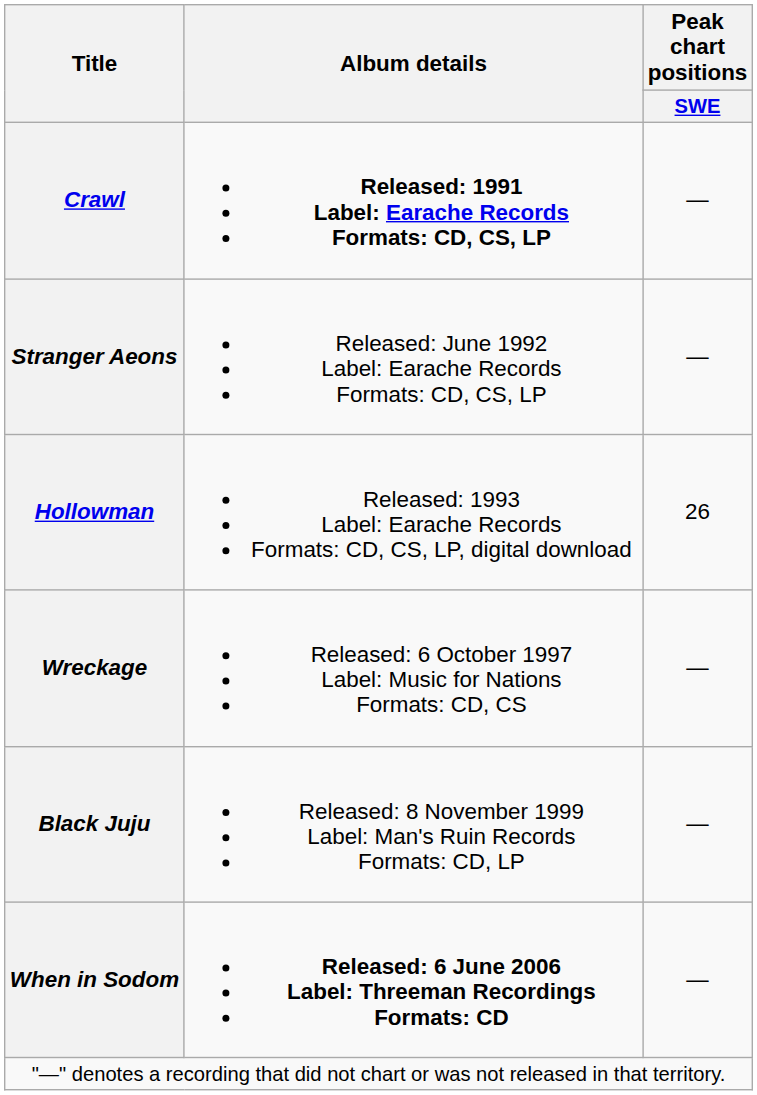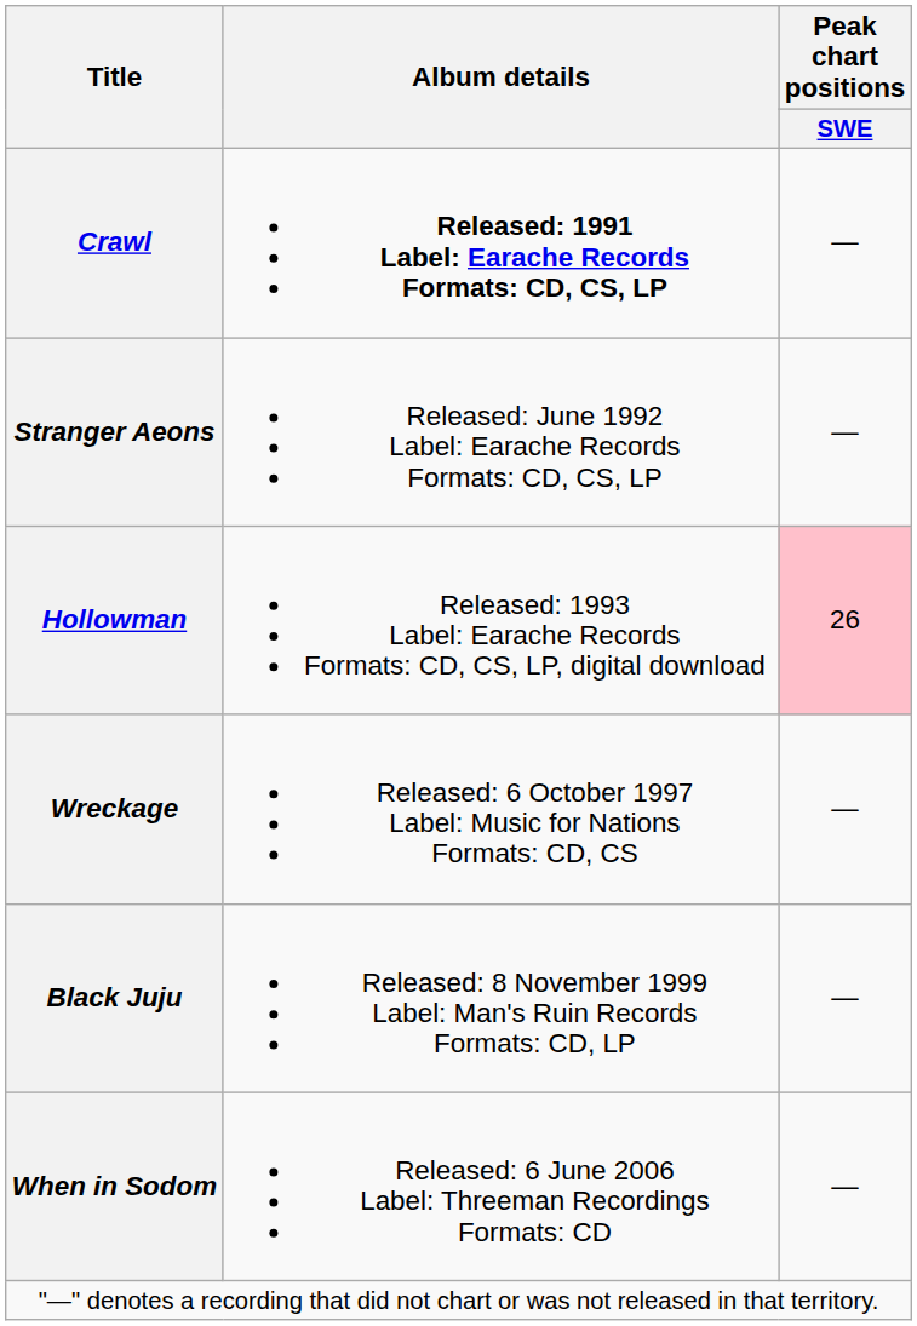 <table class="wikitable plainrowheaders" style="text-align:center;">
 <tr>
 <th scope="col" rowspan="2">Title</th>
 <th scope="col" rowspan="2" style="width:20em;">Album details</th>
 <th scope="col" colspan="1">Peak chart positions</th>
 </tr>
 <tr>
 <th scope="col" style="width:3em;font-size:90%;"><a href='#'>SWE</a><br></th>
 </tr>
 <tr>
 <th scope="row"><em><a href='#'>Crawl</a></em></th>
 <td><strong><br><ul><li>Released: 1991</li><li>Label: <a href='#'>Earache Records</a></li><li>Formats: CD, CS, LP</li></ul></strong></td>
 <td>—</td>
 </tr>
 <tr>
 <th scope="row"><em>Stranger Aeons</em></th>
 <td><br><ul><li>Released: June 1992</li><li>Label: Earache Records</li><li>Formats: CD, CS, LP</li></ul></td>
 <td>—</td>
 </tr>
 <tr>
 <th scope="row"><em><a href='#'>Hollowman</a></em></th>
 <td><br><ul><li>Released: 1993</li><li>Label: Earache Records</li><li>Formats: CD, CS, LP, digital download</li></ul></td>
-<td>26</td>
+<td style="background: pink;">26</td>
 </tr>
 <tr>
 <th scope="row"><em>Wreckage</em></th>
 <td><br><ul><li>Released: 6 October 1997</li><li>Label: Music for Nations</li><li>Formats: CD, CS</li></ul></td>
 <td>—</td>
 </tr>
 <tr>
 <th scope="row"><em>Black Juju</em></th>
 <td><br><ul><li>Released: 8 November 1999</li><li>Label: Man's Ruin Records</li><li>Formats: CD, LP</li></ul></td>
 <td>—</td>
 </tr>
 <tr>
 <th scope="row"><em>When in Sodom</em></th>
-<td><strong><br><ul><li>Released: 6 June 2006</li><li>Label: Threeman Recordings</li><li>Formats: CD</li></ul></strong></td>
+<td><br><ul><li>Released: 6 June 2006</li><li>Label: Threeman Recordings</li><li>Formats: CD</li></ul></td>
 <td>—</td>
 </tr>
 <tr>
 <td colspan="15" style="font-size:90%">"—" denotes a recording that did not chart or was not released in that territory.</td>
 </tr>
 </table>
